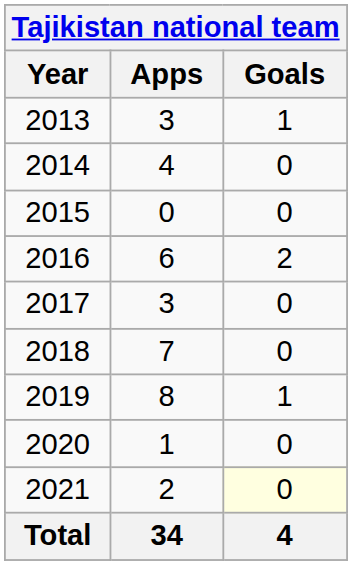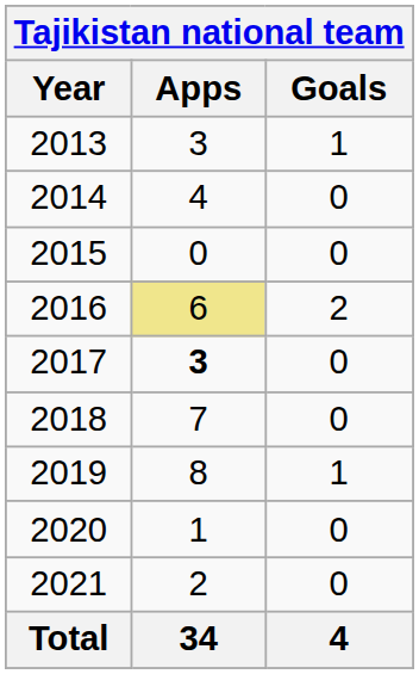 <table class="wikitable" style="text-align:center">
 <tr>
 <th colspan=3><a href='#'>Tajikistan national team</a></th>
 </tr>
 <tr>
 <th>Year</th>
 <th>Apps</th>
 <th>Goals</th>
 </tr>
 <tr>
 <td>2013</td>
 <td>3</td>
 <td>1</td>
 </tr>
 <tr>
 <td>2014</td>
 <td>4</td>
 <td>0</td>
 </tr>
 <tr>
 <td>2015</td>
 <td>0</td>
 <td>0</td>
 </tr>
 <tr>
 <td>2016</td>
-<td>6</td>
+<td style="background: khaki;">6</td>
 <td>2</td>
 </tr>
 <tr>
 <td>2017</td>
-<td>3</td>
+<td><strong>3</strong></td>
 <td>0</td>
 </tr>
 <tr>
 <td>2018</td>
 <td>7</td>
 <td>0</td>
 </tr>
 <tr>
 <td>2019</td>
 <td>8</td>
 <td>1</td>
 </tr>
 <tr>
 <td>2020</td>
 <td>1</td>
 <td>0</td>
 </tr>
 <tr>
 <td>2021</td>
 <td>2</td>
-<td style="background: lightyellow;">0</td>
+<td>0</td>
 </tr>
 <tr>
 <th>Total</th>
 <th>34</th>
 <th>4</th>
 </tr>
 </table>
